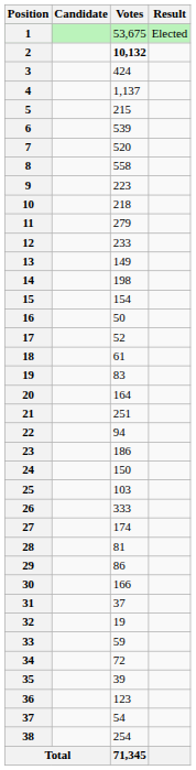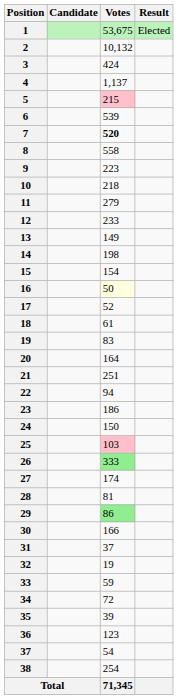 <table class="wikitable sortable col3right">
 <tr>
 <th scope="col">Position</th>
 <th scope="col">Candidate</th>
 <th scope="col">Votes</th>
 <th scope="col">Result</th>
 </tr>
 <tr bgcolor=bbf3bb>
 <th scope="row">1</th>
 <td></td>
 <td>53,675</td>
 <td>Elected</td>
 </tr>
 <tr>
 <th scope="row">2</th>
 <td></td>
-<td><strong>10,132</strong></td>
+<td>10,132</td>
 <td></td>
 </tr>
 <tr>
 <th scope="row">3</th>
 <td></td>
 <td>424</td>
 <td></td>
 </tr>
 <tr>
 <th scope="row">4</th>
 <td></td>
 <td>1,137</td>
 <td></td>
 </tr>
 <tr>
 <th scope="row">5</th>
 <td></td>
-<td>215</td>
+<td style="background: pink;">215</td>
 <td></td>
 </tr>
 <tr>
 <th scope="row">6</th>
 <td></td>
 <td>539</td>
 <td></td>
 </tr>
 <tr>
 <th scope="row">7</th>
 <td></td>
-<td>520</td>
+<td><strong>520</strong></td>
 <td></td>
 </tr>
 <tr>
 <th scope="row">8</th>
 <td></td>
 <td>558</td>
 <td></td>
 </tr>
 <tr>
 <th scope="row">9</th>
 <td></td>
 <td>223</td>
 <td></td>
 </tr>
 <tr>
 <th scope="row">10</th>
 <td></td>
 <td>218</td>
 <td></td>
 </tr>
 <tr>
 <th scope="row">11</th>
 <td></td>
 <td>279</td>
 <td></td>
 </tr>
 <tr>
 <th scope="row">12</th>
 <td></td>
 <td>233</td>
 <td></td>
 </tr>
 <tr>
 <th scope="row">13</th>
 <td></td>
 <td>149</td>
 <td></td>
 </tr>
 <tr>
 <th scope="row">14</th>
 <td></td>
 <td>198</td>
 <td></td>
 </tr>
 <tr>
 <th scope="row">15</th>
 <td></td>
 <td>154</td>
 <td></td>
 </tr>
 <tr>
 <th scope="row">16</th>
 <td></td>
-<td>50</td>
+<td style="background: lightyellow;">50</td>
 <td></td>
 </tr>
 <tr>
 <th scope="row">17</th>
 <td></td>
 <td>52</td>
 <td></td>
 </tr>
 <tr>
 <th scope="row">18</th>
 <td></td>
 <td>61</td>
 <td></td>
 </tr>
 <tr>
 <th scope="row">19</th>
 <td></td>
 <td>83</td>
 <td></td>
 </tr>
 <tr>
 <th scope="row">20</th>
 <td></td>
 <td>164</td>
 <td></td>
 </tr>
 <tr>
 <th scope="row">21</th>
 <td></td>
 <td>251</td>
 <td></td>
 </tr>
 <tr>
 <th scope="row">22</th>
 <td></td>
 <td>94</td>
 <td></td>
 </tr>
 <tr>
 <th scope="row">23</th>
 <td></td>
 <td>186</td>
 <td></td>
 </tr>
 <tr>
 <th scope="row">24</th>
 <td></td>
 <td>150</td>
 <td></td>
 </tr>
 <tr>
 <th scope="row">25</th>
 <td></td>
-<td>103</td>
+<td style="background: pink;">103</td>
 <td></td>
 </tr>
 <tr>
 <th scope="row">26</th>
 <td></td>
-<td>333</td>
+<td style="background: lightgreen;">333</td>
 <td></td>
 </tr>
 <tr>
 <th scope="row">27</th>
 <td></td>
 <td>174</td>
 <td></td>
 </tr>
 <tr>
 <th scope="row">28</th>
 <td></td>
 <td>81</td>
 <td></td>
 </tr>
 <tr>
 <th scope="row">29</th>
 <td></td>
-<td>86</td>
+<td style="background: lightgreen;">86</td>
 <td></td>
 </tr>
 <tr>
 <th scope="row">30</th>
 <td></td>
 <td>166</td>
 <td></td>
 </tr>
 <tr>
 <th scope="row">31</th>
 <td></td>
 <td>37</td>
 <td></td>
 </tr>
 <tr>
 <th scope="row">32</th>
 <td></td>
 <td>19</td>
 <td></td>
 </tr>
 <tr>
 <th scope="row">33</th>
 <td></td>
 <td>59</td>
 <td></td>
 </tr>
 <tr>
 <th scope="row">34</th>
 <td></td>
 <td>72</td>
 <td></td>
 </tr>
 <tr>
 <th scope="row">35</th>
 <td></td>
 <td>39</td>
 <td></td>
 </tr>
 <tr>
 <th scope="row">36</th>
 <td></td>
 <td>123</td>
 <td></td>
 </tr>
 <tr>
 <th scope="row">37</th>
 <td></td>
 <td>54</td>
 <td></td>
 </tr>
 <tr>
 <th scope="row">38</th>
 <td></td>
 <td>254</td>
 <td></td>
 </tr>
 <tr class=sortbottom>
 <th scope="row" colspan="2">Total</th>
 <th style="text-align:right">71,345</th>
 <th></th>
 </tr>
 </table>
